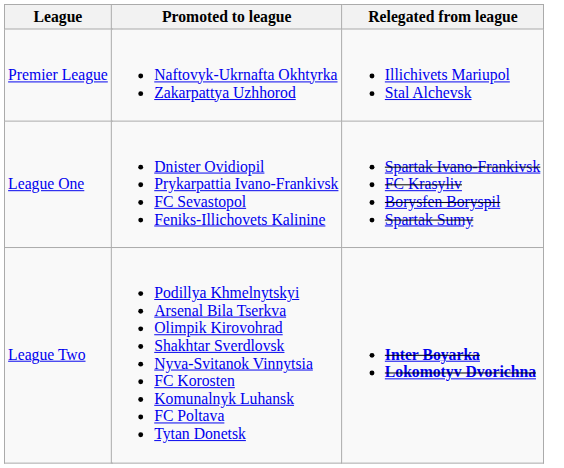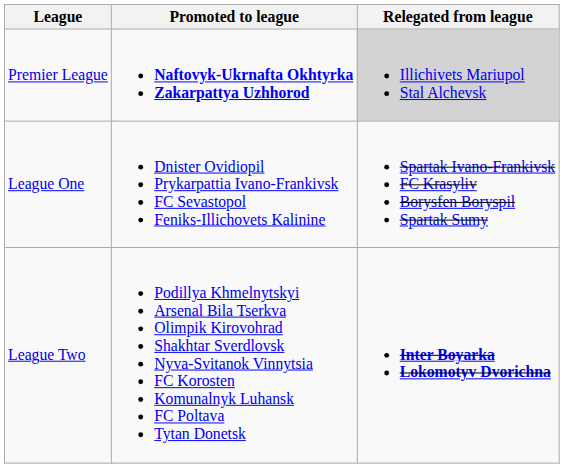 <table class="wikitable">
 <tr>
 <th colspan=2>League</th>
 <th>Promoted to league</th>
 <th>Relegated from league</th>
 </tr>
 <tr>
 <td colspan=2><a href='#'>Premier League</a></td>
-<td><br><ul><li><a href='#'>Naftovyk-Ukrnafta Okhtyrka</a></li><li><a href='#'>Zakarpattya Uzhhorod</a></li></ul></td>
-<td><br><ul><li><a href='#'>Illichivets Mariupol</a></li><li><a href='#'>Stal Alchevsk</a></li></ul></td>
+<td><strong><br><ul><li><a href='#'>Naftovyk-Ukrnafta Okhtyrka</a></li><li><a href='#'>Zakarpattya Uzhhorod</a></li></ul></strong></td>
+<td style="background: lightgrey;"><br><ul><li><a href='#'>Illichivets Mariupol</a></li><li><a href='#'>Stal Alchevsk</a></li></ul></td>
 </tr>
 <tr>
 <td colspan=2><a href='#'>League One</a></td>
 <td><br><ul><li><a href='#'>Dnister Ovidiopil</a></li><li><a href='#'>Prykarpattia Ivano-Frankivsk</a></li><li><a href='#'>FC Sevastopol</a></li><li><a href='#'>Feniks-Illichovets Kalinine</a></li></ul></td>
 <td><br><ul><li><del><a href='#'>Spartak Ivano-Frankivsk</a></del></li><li><del><a href='#'>FC Krasyliv</a></del></li><li><del><a href='#'>Borysfen Boryspil</a></del></li><li><del><a href='#'>Spartak Sumy</a></del></li></ul></td>
 </tr>
 <tr>
 <td colspan=2><a href='#'>League Two</a></td>
 <td><br><ul><li><a href='#'>Podillya Khmelnytskyi</a></li><li><a href='#'>Arsenal Bila Tserkva</a></li><li><a href='#'>Olimpik Kirovohrad</a></li><li><a href='#'>Shakhtar Sverdlovsk</a></li><li><a href='#'>Nyva-Svitanok Vinnytsia</a></li><li><a href='#'>FC Korosten</a></li><li><a href='#'>Komunalnyk Luhansk</a></li><li><a href='#'>FC Poltava</a></li><li><a href='#'>Tytan Donetsk</a></li></ul></td>
 <td><strong><br><ul><li><del><a href='#'>Inter Boyarka</a></del></li><li><del><a href='#'>Lokomotyv Dvorichna</a></del></li></ul></strong></td>
 </tr>
 </table>
